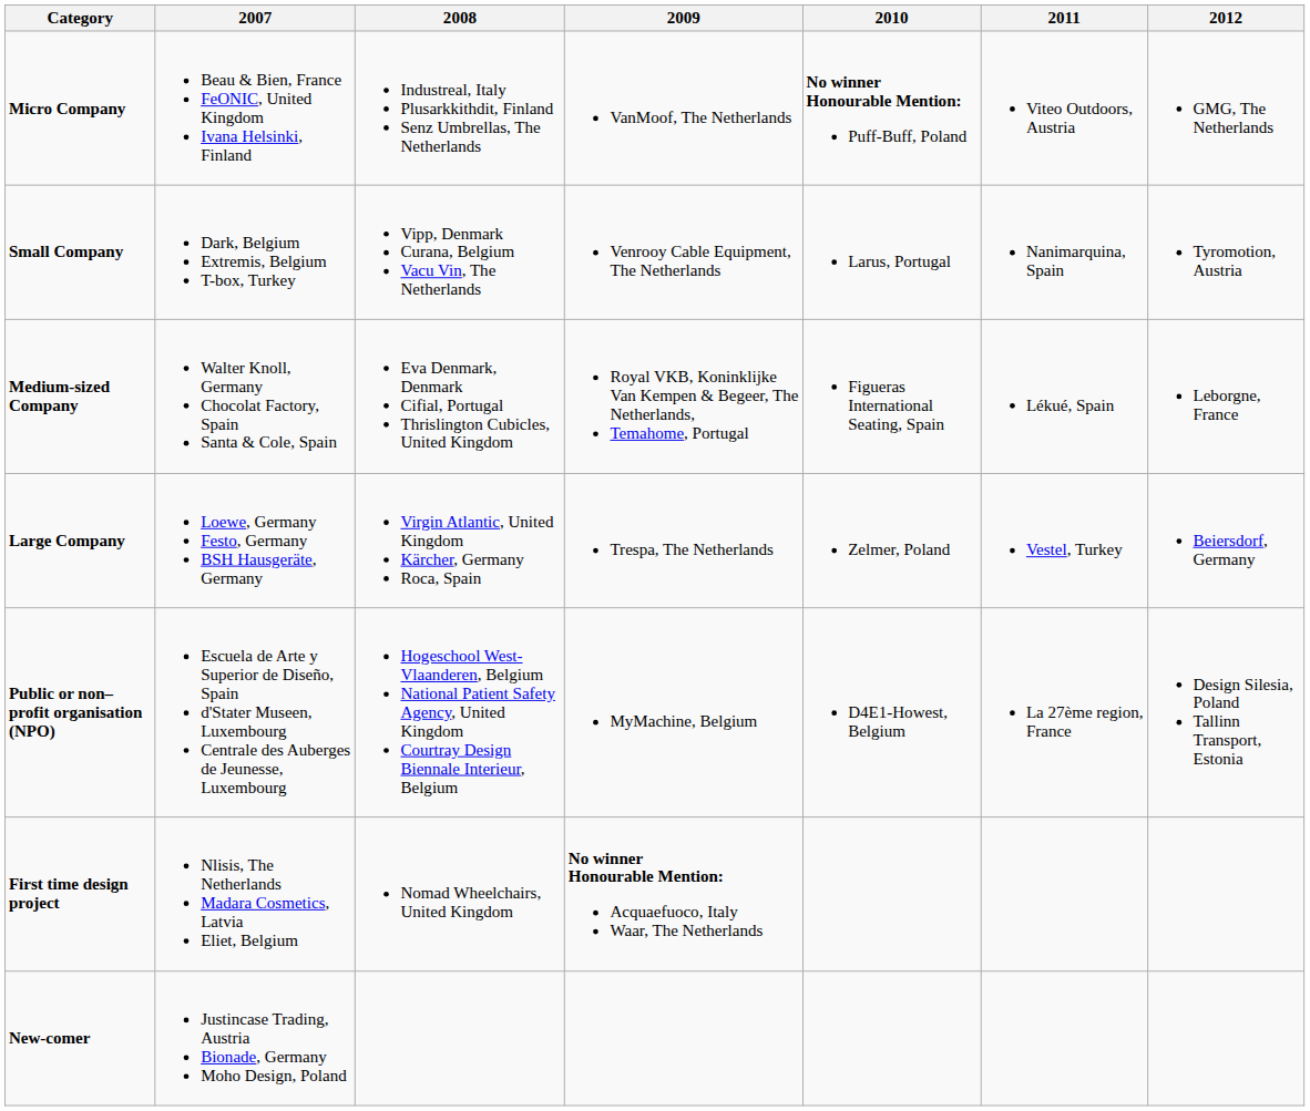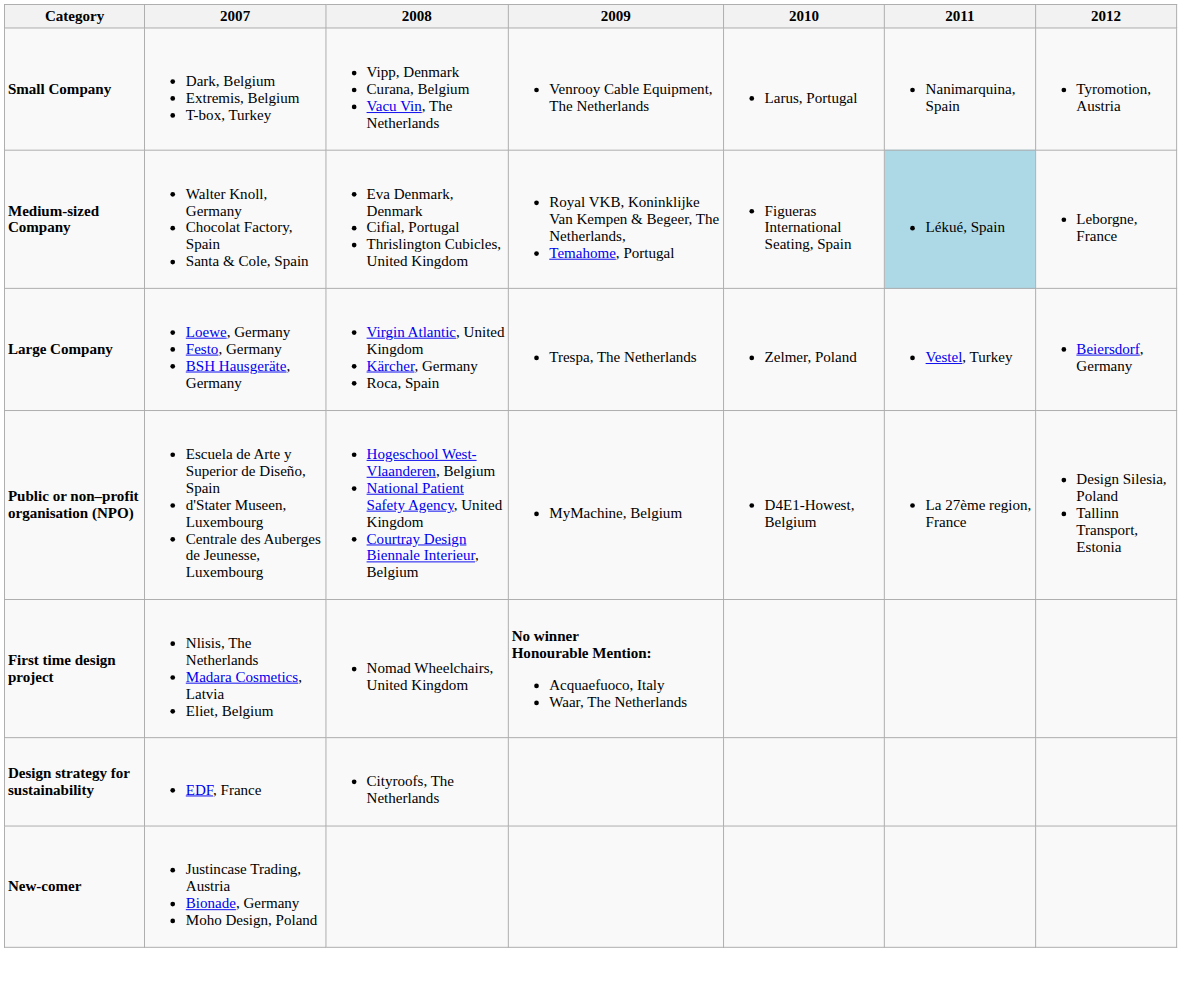 <table class="wikitable">
 <tr>
 <th>Category</th>
 <th>2007 </th>
 <th>2008  </th>
 <th>2009  </th>
 <th>2010  </th>
 <th>2011  </th>
 <th>2012  </th>
-</tr>
-<tr>
-<td><strong>Micro Company</strong></td>
-<td><br><ul><li>Beau & Bien, France</li><li><a href='#'>FeONIC</a>, United Kingdom</li><li><a href='#'>Ivana Helsinki</a>, Finland</li></ul></td>
-<td><br><ul><li>Industreal, Italy</li><li>Plusarkkithdit, Finland</li><li>Senz Umbrellas, The Netherlands</li></ul></td>
-<td><br><ul><li>VanMoof, The Netherlands</li></ul></td>
-<td><br><strong>No winner</strong><br> <strong>Honourable Mention:</strong><ul><li>Puff-Buff, Poland</li></ul></td>
-<td><br><ul><li>Viteo Outdoors, Austria</li></ul></td>
-<td><br><ul><li>GMG, The Netherlands</li></ul></td>
 </tr>
 <tr>
 <td><strong>Small Company</strong></td>
 <td><br><ul><li>Dark, Belgium</li><li>Extremis, Belgium</li><li>T-box, Turkey</li></ul></td>
 <td><br><ul><li>Vipp, Denmark</li><li>Curana, Belgium</li><li><a href='#'>Vacu Vin</a>, The Netherlands</li></ul></td>
 <td><br><ul><li>Venrooy Cable Equipment, The Netherlands</li></ul></td>
 <td><br><ul><li>Larus, Portugal</li></ul></td>
 <td><br><ul><li>Nanimarquina, Spain</li></ul></td>
 <td><br><ul><li>Tyromotion, Austria</li></ul></td>
 </tr>
 <tr>
 <td><strong>Medium-sized Company</strong></td>
 <td><br><ul><li>Walter Knoll, Germany</li><li>Chocolat Factory, Spain</li><li>Santa & Cole, Spain</li></ul></td>
 <td><br><ul><li>Eva Denmark, Denmark</li><li>Cifial, Portugal</li><li>Thrislington Cubicles, United Kingdom</li></ul></td>
 <td><br><ul><li>Royal VKB, Koninklijke Van Kempen & Begeer, The Netherlands,</li><li><a href='#'>Temahome</a>, Portugal</li></ul></td>
 <td><br><ul><li>Figueras International Seating, Spain</li></ul></td>
-<td><br><ul><li>Lékué, Spain</li></ul></td>
+<td style="background: lightblue;"><br><ul><li>Lékué, Spain</li></ul></td>
 <td><br><ul><li>Leborgne, France</li></ul></td>
 </tr>
 <tr>
 <td><strong>Large Company</strong></td>
 <td><br><ul><li><a href='#'>Loewe</a>, Germany</li><li><a href='#'>Festo</a>, Germany</li><li><a href='#'>BSH Hausgeräte</a>, Germany</li></ul></td>
 <td><br><ul><li><a href='#'>Virgin Atlantic</a>, United Kingdom</li><li><a href='#'>Kärcher</a>, Germany</li><li>Roca, Spain</li></ul></td>
 <td><br><ul><li>Trespa, The Netherlands</li></ul></td>
 <td><br><ul><li>Zelmer, Poland</li></ul></td>
 <td><br><ul><li><a href='#'>Vestel</a>, Turkey</li></ul></td>
 <td><br><ul><li><a href='#'>Beiersdorf</a>, Germany</li></ul></td>
 </tr>
 <tr>
 <td><strong>Public or non–profit organisation (NPO)</strong></td>
 <td><br><ul><li>Escuela de Arte y Superior de Diseño, Spain</li><li>d'Stater Museen, Luxembourg</li><li>Centrale des Auberges de Jeunesse, Luxembourg</li></ul></td>
 <td><br><ul><li><a href='#'>Hogeschool West-Vlaanderen</a>, Belgium</li><li><a href='#'>National Patient Safety Agency</a>, United Kingdom</li><li><a href='#'>Courtray Design Biennale Interieur</a>, Belgium</li></ul></td>
 <td><br><ul><li>MyMachine, Belgium</li></ul></td>
 <td><br><ul><li>D4E1-Howest, Belgium</li></ul></td>
 <td><br><ul><li>La 27ème region, France</li></ul></td>
 <td><br><ul><li>Design Silesia, Poland</li><li>Tallinn Transport, Estonia</li></ul></td>
 </tr>
 <tr>
 <td><strong>First time design project</strong></td>
 <td><br><ul><li>Nlisis, The Netherlands</li><li><a href='#'>Madara Cosmetics</a>, Latvia</li><li>Eliet, Belgium</li></ul></td>
 <td><br><ul><li>Nomad Wheelchairs, United Kingdom</li></ul></td>
 <td><br><strong>No winner</strong><br> <strong>Honourable Mention:</strong><ul><li>Acquaefuoco, Italy</li><li>Waar, The Netherlands</li></ul></td>
 <td></td>
 <td></td>
 <td></td>
 </tr>
 <tr>
+<td><strong>Design strategy for sustainability</strong></td>
+<td><br><ul><li><a href='#'>EDF</a>, France</li></ul></td>
+<td><br><ul><li>Cityroofs, The Netherlands</li></ul></td>
+<td></td>
+<td></td>
+<td></td>
+<td></td>
+</tr>
+<tr>
 <td><strong>New-comer</strong></td>
 <td><br><ul><li>Justincase Trading, Austria</li><li><a href='#'>Bionade</a>, Germany</li><li>Moho Design, Poland</li></ul></td>
 <td></td>
 <td></td>
 <td></td>
 <td></td>
 <td></td>
 </tr>
 </table>
